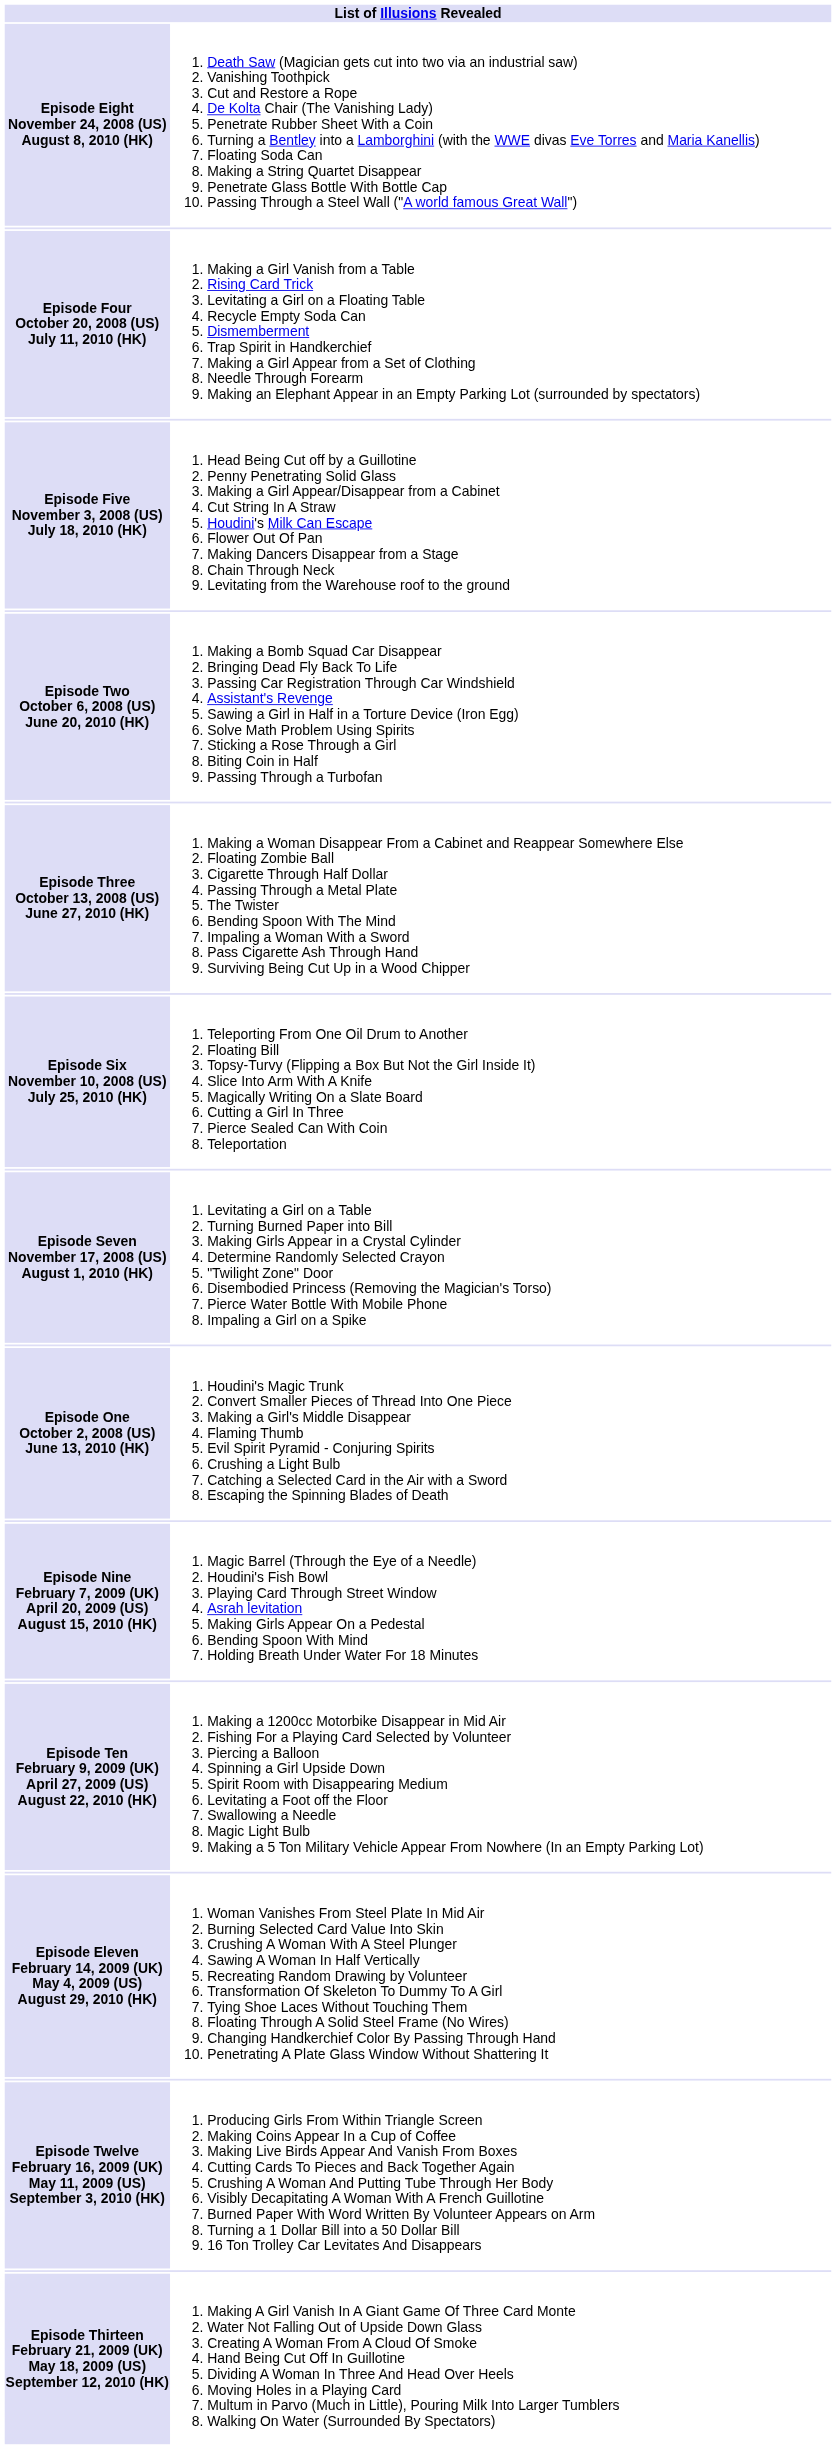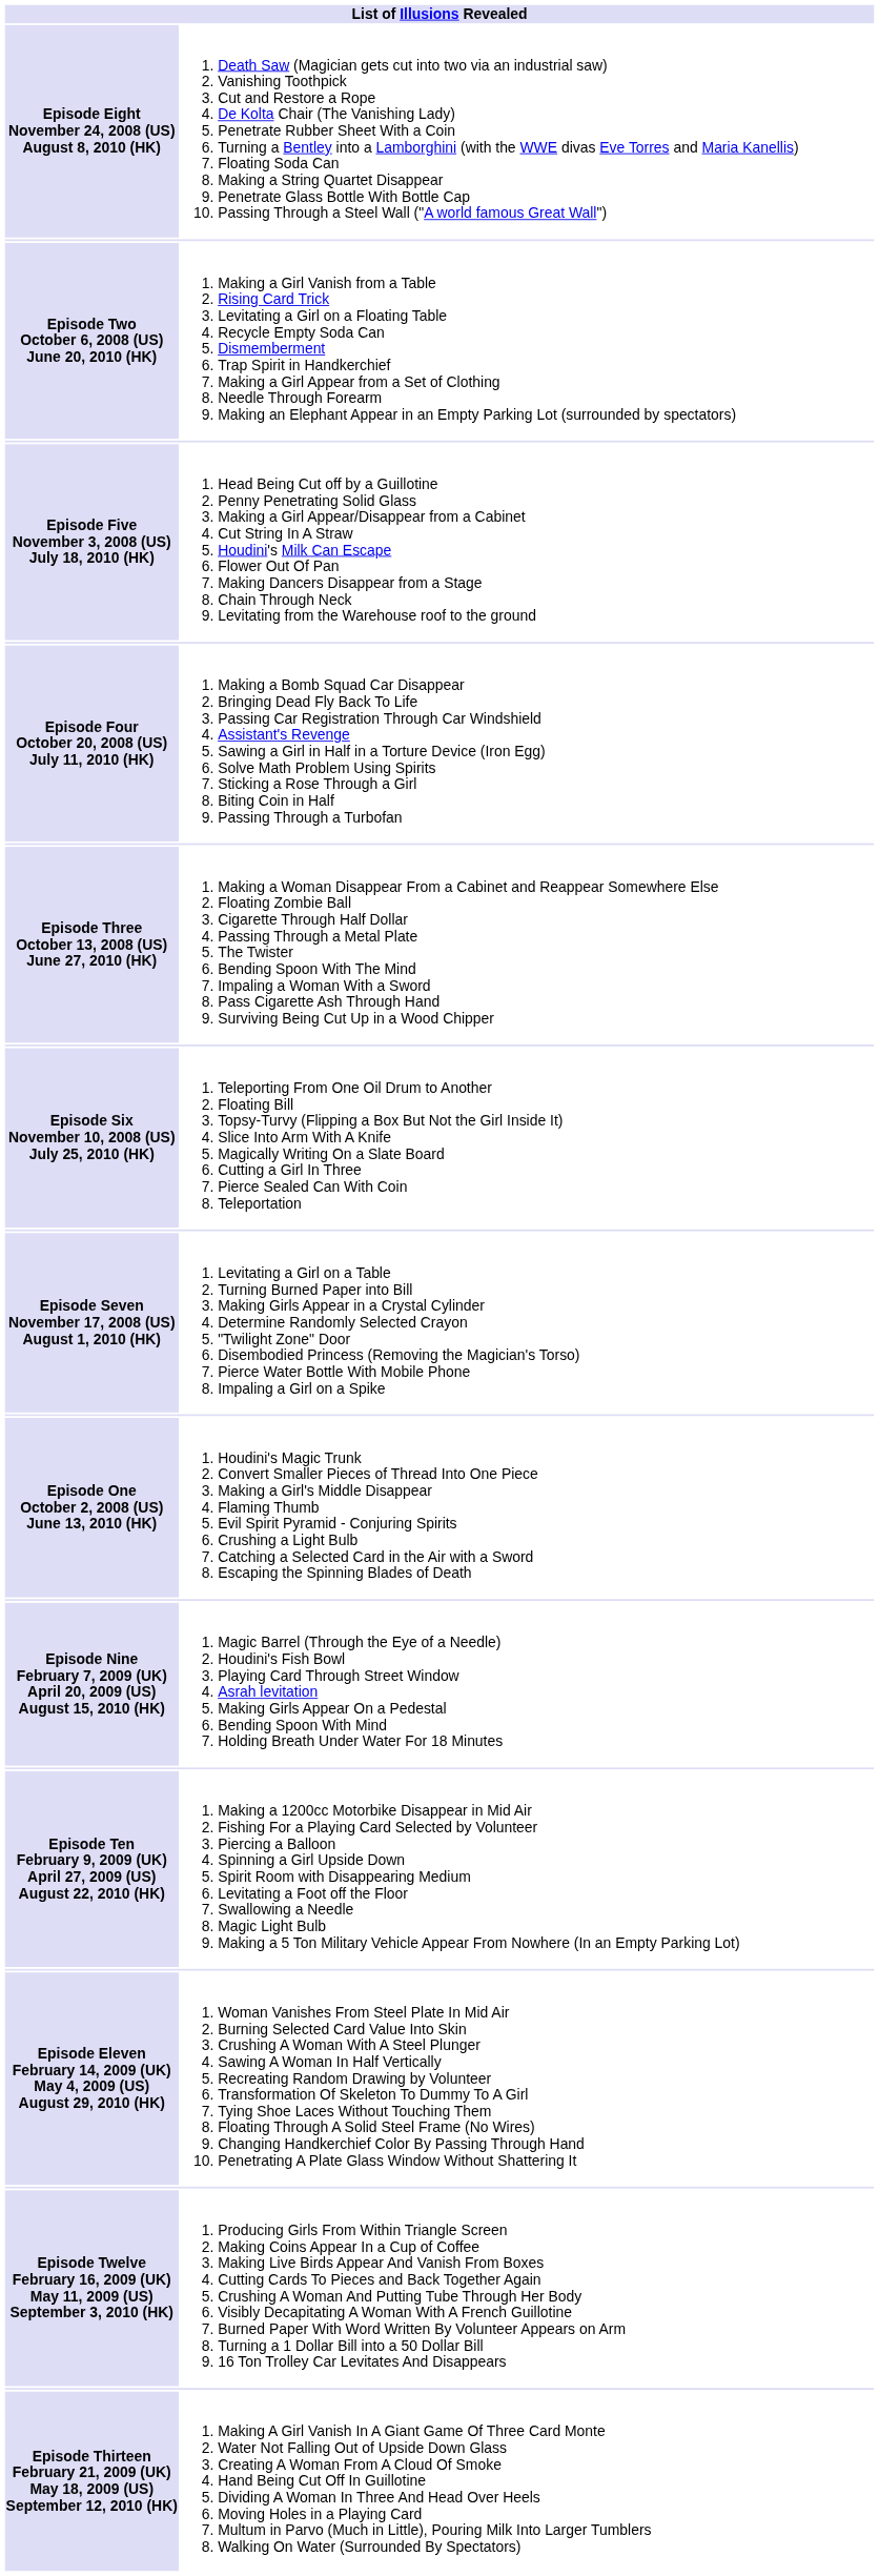 <table>
 <tr>
 <th colspan="2" bgcolor="#DDDDF6">List of <a href='#'>Illusions</a> Revealed</th>
 </tr>
 <tr>
 <th bgcolor="#DDDDF6" width="20%">Episode Eight<br>November 24, 2008 (US)<br>August 8, 2010 (HK)</th>
 <td><br><ol><li><a href='#'>Death Saw</a> (Magician gets cut into two via an industrial saw)</li><li>Vanishing Toothpick</li><li>Cut and Restore a Rope</li><li><a href='#'>De Kolta</a> Chair (The Vanishing Lady)</li><li>Penetrate Rubber Sheet With a Coin</li><li>Turning a <a href='#'>Bentley</a> into a <a href='#'>Lamborghini</a> (with the <a href='#'>WWE</a> divas <a href='#'>Eve Torres</a> and <a href='#'>Maria Kanellis</a>)</li><li>Floating Soda Can</li><li>Making a String Quartet Disappear</li><li>Penetrate Glass Bottle With Bottle Cap</li><li>Passing Through a Steel Wall ("<a href='#'>A world famous Great Wall</a>")</li></ol></td>
 </tr>
 <tr>
 <td colspan="2" bgcolor="#DDDDF6"></td>
 </tr>
 <tr>
-<th bgcolor="#DDDDF6" width="20%">Episode Four<br>October 20, 2008 (US)<br>July 11, 2010 (HK)</th>
+<th bgcolor="#DDDDF6" width="20%">Episode Two <br>October 6, 2008 (US)<br>June 20, 2010 (HK)</th>
 <td><br><ol><li>Making a Girl Vanish from a Table</li><li><a href='#'>Rising Card Trick</a></li><li>Levitating a Girl on a Floating Table</li><li>Recycle Empty Soda Can</li><li><a href='#'>Dismemberment</a></li><li>Trap Spirit in Handkerchief</li><li>Making a Girl Appear from a Set of Clothing</li><li>Needle Through Forearm</li><li>Making an Elephant Appear in an Empty Parking Lot (surrounded by spectators)</li></ol></td>
 </tr>
 <tr>
 <td colspan="2" bgcolor="#DDDDF6"></td>
 </tr>
 <tr>
 <th bgcolor="#DDDDF6" width="20%">Episode Five<br>November 3, 2008	(US)<br>July 18, 2010 (HK)</th>
 <td><br><ol><li>Head Being Cut off by a Guillotine</li><li>Penny Penetrating Solid Glass</li><li>Making a Girl Appear/Disappear from a Cabinet</li><li>Cut String In A Straw</li><li><a href='#'>Houdini</a>'s <a href='#'>Milk Can Escape</a></li><li>Flower Out Of Pan</li><li>Making Dancers Disappear from a Stage</li><li>Chain Through Neck</li><li>Levitating from the Warehouse roof to the ground</li></ol></td>
 </tr>
 <tr>
 <td colspan="2" bgcolor="#DDDDF6"></td>
 </tr>
 <tr>
-<th bgcolor="#DDDDF6" width="20%">Episode Two <br>October 6, 2008 (US)<br>June 20, 2010 (HK)</th>
+<th bgcolor="#DDDDF6" width="20%">Episode Four<br>October 20, 2008 (US)<br>July 11, 2010 (HK)</th>
 <td><br><ol><li>Making a Bomb Squad Car Disappear</li><li>Bringing Dead Fly Back To Life</li><li>Passing Car Registration Through Car Windshield</li><li><a href='#'>Assistant's Revenge</a></li><li>Sawing a Girl in Half in a Torture Device (Iron Egg)</li><li>Solve Math Problem Using Spirits</li><li>Sticking a Rose Through a Girl</li><li>Biting Coin in Half</li><li>Passing Through a Turbofan</li></ol></td>
 </tr>
 <tr>
 <td colspan="2" bgcolor="#DDDDF6"></td>
 </tr>
 <tr>
 <th bgcolor="#DDDDF6" width="20%">Episode Three <br>October 13, 2008 (US)<br>June 27, 2010 (HK)</th>
 <td><br><ol><li>Making a Woman Disappear From a Cabinet and Reappear Somewhere Else</li><li>Floating Zombie Ball</li><li>Cigarette Through Half Dollar</li><li>Passing Through a Metal Plate</li><li>The Twister</li><li>Bending Spoon With The Mind</li><li>Impaling a Woman With a Sword</li><li>Pass Cigarette Ash Through Hand</li><li>Surviving Being Cut Up in a Wood Chipper</li></ol></td>
 </tr>
 <tr>
 <td colspan="2" bgcolor="#DDDDF6"></td>
 </tr>
 <tr>
 <th bgcolor="#DDDDF6" width="20%">Episode Six<br>November 10, 2008	(US)<br>July 25, 2010 (HK)</th>
 <td><br><ol><li>Teleporting From One Oil Drum to Another</li><li>Floating Bill</li><li>Topsy-Turvy (Flipping a Box But Not the Girl Inside It)</li><li>Slice Into Arm With A Knife</li><li>Magically Writing On a Slate Board</li><li>Cutting a Girl In Three</li><li>Pierce Sealed Can With Coin</li><li>Teleportation</li></ol></td>
 </tr>
 <tr>
 <td colspan="2" bgcolor="#DDDDF6"></td>
 </tr>
 <tr>
 <th bgcolor="#DDDDF6" width="20%">Episode Seven<br>November 17, 2008 (US)<br>August 1, 2010 (HK)</th>
 <td><br><ol><li>Levitating a Girl on a Table</li><li>Turning Burned Paper into Bill</li><li>Making Girls Appear in a Crystal Cylinder</li><li>Determine Randomly Selected Crayon</li><li>"Twilight Zone" Door</li><li>Disembodied Princess (Removing the Magician's Torso)</li><li>Pierce Water Bottle With Mobile Phone</li><li>Impaling a Girl on a Spike</li></ol></td>
 </tr>
 <tr>
 <td colspan="2" bgcolor="#DDDDF6"></td>
 </tr>
 <tr>
 <th bgcolor="#DDDDF6" width="20%">Episode One <br>October 2, 2008 (US)<br>June 13, 2010 (HK)</th>
 <td><br><ol><li>Houdini's Magic Trunk</li><li>Convert Smaller Pieces of Thread Into One Piece</li><li>Making a Girl's Middle Disappear</li><li>Flaming Thumb</li><li>Evil Spirit Pyramid - Conjuring Spirits</li><li>Crushing a Light Bulb</li><li>Catching a Selected Card in the Air with a Sword</li><li>Escaping the Spinning Blades of Death</li></ol></td>
 </tr>
 <tr>
 <td colspan="2" bgcolor="#DDDDF6"></td>
 </tr>
 <tr>
 <th bgcolor="#DDDDF6" width="20%">Episode Nine<br>February 7, 2009 (UK)<br>April 20, 2009 (US)<br> August 15, 2010 (HK)</th>
 <td><br><ol><li>Magic Barrel (Through the Eye of a Needle)</li><li>Houdini's Fish Bowl</li><li>Playing Card Through Street Window</li><li><a href='#'>Asrah levitation</a></li><li>Making Girls Appear On a Pedestal</li><li>Bending Spoon With Mind</li><li>Holding Breath Under Water For 18 Minutes</li></ol></td>
 </tr>
 <tr>
 <td colspan="2" bgcolor="#DDDDF6"></td>
 </tr>
 <tr>
 <th bgcolor="#DDDDF6" width="20%">Episode Ten<br>February 9, 2009 (UK)<br>April 27, 2009 (US)<br> August 22, 2010 (HK)</th>
 <td><br><ol><li>Making a 1200cc Motorbike Disappear in Mid Air</li><li>Fishing For a Playing Card Selected by Volunteer</li><li>Piercing a Balloon</li><li>Spinning a Girl Upside Down</li><li>Spirit Room with Disappearing Medium</li><li>Levitating a Foot off the Floor</li><li>Swallowing a Needle</li><li>Magic Light Bulb</li><li>Making a 5 Ton Military Vehicle Appear From Nowhere (In an Empty Parking Lot)</li></ol></td>
 </tr>
 <tr>
 <td colspan="2" bgcolor="#DDDDF6"></td>
 </tr>
 <tr>
 <th bgcolor="#DDDDF6" width="20%">Episode Eleven<br>February 14, 2009 (UK)<br>May 4, 2009 (US)<br> August 29, 2010 (HK)</th>
 <td><br><ol><li>Woman Vanishes From Steel Plate In Mid Air</li><li>Burning Selected Card Value Into Skin</li><li>Crushing A Woman With A Steel Plunger</li><li>Sawing A Woman In Half Vertically</li><li>Recreating Random Drawing by Volunteer</li><li>Transformation Of Skeleton To Dummy To A Girl</li><li>Tying Shoe Laces Without Touching Them</li><li>Floating Through A Solid Steel Frame (No Wires)</li><li>Changing Handkerchief Color By Passing Through Hand</li><li>Penetrating A Plate Glass Window Without Shattering It</li></ol></td>
 </tr>
 <tr>
 <td colspan="2" bgcolor="#DDDDF6"></td>
 </tr>
 <tr>
 <th bgcolor="#DDDDF6" width="20%">Episode Twelve<br>February 16, 2009 (UK)<br>May 11, 2009 (US)<br> September 3, 2010 (HK)</th>
 <td><br><ol><li>Producing Girls From Within Triangle Screen</li><li>Making Coins Appear In a Cup of Coffee</li><li>Making Live Birds Appear And Vanish From Boxes</li><li>Cutting Cards To Pieces and Back Together Again</li><li>Crushing A Woman And Putting Tube Through Her Body</li><li>Visibly Decapitating A  Woman With A French Guillotine</li><li>Burned Paper With Word Written By Volunteer Appears on Arm</li><li>Turning a 1 Dollar Bill into a 50 Dollar Bill</li><li>16 Ton Trolley Car Levitates And Disappears</li></ol></td>
 </tr>
 <tr>
 <td colspan="2" bgcolor="#DDDDF6"></td>
 </tr>
 <tr>
 <th bgcolor="#DDDDF6" width="20%">Episode Thirteen<br>February 21, 2009 (UK)<br>May 18, 2009 (US)<br> September 12, 2010 (HK)</th>
 <td><br><ol><li>Making A Girl Vanish In A Giant Game Of Three Card Monte</li><li>Water Not Falling Out of Upside Down Glass</li><li>Creating A Woman From A Cloud Of Smoke</li><li>Hand Being Cut Off In Guillotine</li><li>Dividing A Woman In Three And Head Over Heels</li><li>Moving Holes in a Playing Card</li><li>Multum in Parvo (Much in Little), Pouring Milk Into Larger Tumblers</li><li>Walking On Water (Surrounded By Spectators)</li></ol></td>
 </tr>
 </table>
